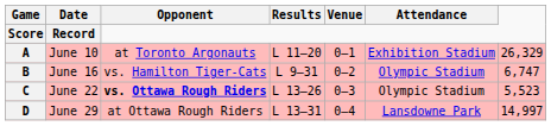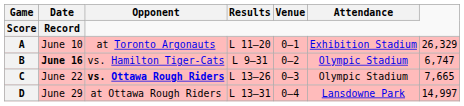 <table class="wikitable" style="text-align:center">
 <tr>
 <th>Game</th>
 <th>Date</th>
 <th>Opponent</th>
 <th>Results</th>
 <th>Venue</th>
 <th>Attendance</th>
 </tr>
 <tr>
 <th>Score</th>
 <th>Record</th>
 </tr>
 <tr style="background:#ffbbbb">
 <th>A</th>
 <td>June 10</td>
 <td>at <a href='#'>Toronto Argonauts</a></td>
 <td>L 11–20</td>
 <td>0–1</td>
 <td><a href='#'>Exhibition Stadium</a></td>
 <td>26,329</td>
 </tr>
 <tr style="background:#ffbbbb">
 <th>B</th>
-<td>June 16</td>
+<td><strong>June 16</strong></td>
 <td>vs. <a href='#'>Hamilton Tiger-Cats</a></td>
 <td>L 9–31</td>
 <td>0–2</td>
 <td><a href='#'>Olympic Stadium</a></td>
 <td>6,747</td>
 </tr>
 <tr style="background:#ffbbbb">
 <th>C</th>
 <td>June 22</td>
 <td><strong>vs. <a href='#'>Ottawa Rough Riders</a></strong></td>
 <td>L 13–26</td>
 <td>0–3</td>
 <td>Olympic Stadium</td>
-<td>5,523</td>
+<td>7,665</td>
 </tr>
 <tr style="background:#ffbbbb">
 <th>D</th>
 <td>June 29</td>
 <td>at Ottawa Rough Riders</td>
 <td>L 13–31</td>
 <td>0–4</td>
 <td><a href='#'>Lansdowne Park</a></td>
 <td>14,997</td>
 </tr>
 </table>
